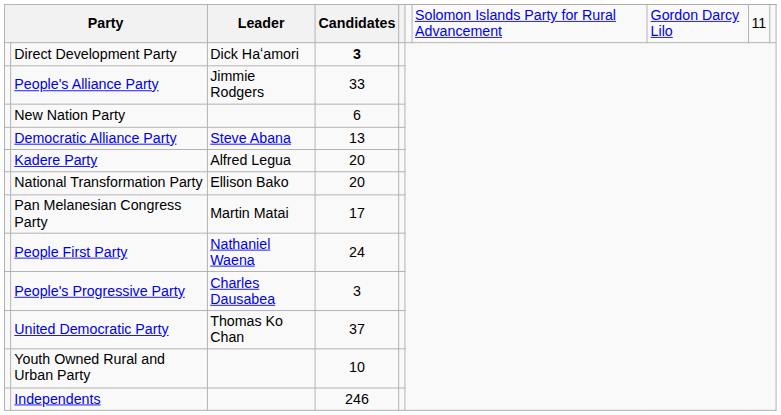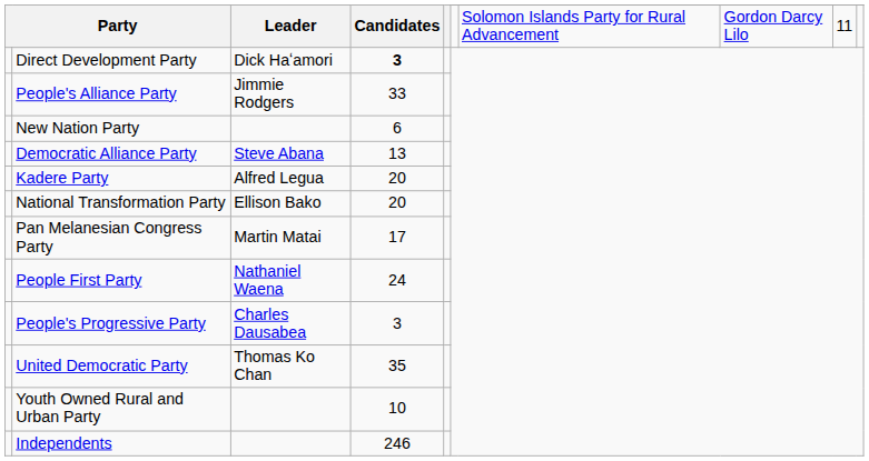 <table class="wikitable sortable" style=text-align:center>
 <tr>
 <th rowspan="2" colspan="2">Party</th>
 <th rowspan="2">Leader</th>
 <th rowspan="2">Candidates</th>
 <th rowspan="2" class="unsortable"></th>
 </tr>
 <tr>
 <td style="background:"></td>
 <td align=left><a href='#'>Solomon Islands Party for Rural Advancement</a></td>
 <td align=left><a href='#'>Gordon Darcy Lilo</a></td>
 <td>11</td>
 <td></td>
 </tr>
 <tr>
 <td style="background:"></td>
 <td align=left>Direct Development Party</td>
 <td align=left>Dick Haʻamori</td>
 <td><strong>3</strong></td>
 <td></td>
 </tr>
 <tr>
 <td style="background:"></td>
 <td align=left><a href='#'>People's Alliance Party</a></td>
 <td align=left>Jimmie Rodgers</td>
 <td>33</td>
 <td></td>
 </tr>
 <tr>
 <td style="background:"></td>
 <td align=left>New Nation Party</td>
 <td></td>
 <td>6</td>
 <td></td>
 </tr>
 <tr>
 <td style="background:"></td>
 <td align=left><a href='#'>Democratic Alliance Party</a></td>
 <td align=left><a href='#'>Steve Abana</a></td>
 <td>13</td>
 <td></td>
 </tr>
 <tr>
 <td style="background:"></td>
 <td align=left><a href='#'>Kadere Party</a></td>
 <td align=left>Alfred Legua</td>
 <td>20</td>
 <td></td>
 </tr>
 <tr>
 <td style="background:"></td>
 <td align=left>National Transformation Party</td>
 <td align=left>Ellison Bako</td>
 <td>20</td>
 <td></td>
 </tr>
 <tr>
 <td style="background:"></td>
 <td align=left>Pan Melanesian Congress Party</td>
 <td align=left>Martin Matai</td>
 <td>17</td>
 <td></td>
 </tr>
 <tr>
 <td style="background:"></td>
 <td align=left><a href='#'>People First Party</a></td>
 <td align=left><a href='#'>Nathaniel Waena</a></td>
 <td>24</td>
 <td></td>
 </tr>
 <tr>
 <td style="background:"></td>
 <td align=left><a href='#'>People's Progressive Party</a></td>
 <td align=left><a href='#'>Charles Dausabea</a></td>
 <td>3</td>
 <td></td>
 </tr>
 <tr>
 <td style="background:"></td>
 <td align=left><a href='#'>United Democratic Party</a></td>
 <td align=left>Thomas Ko Chan</td>
-<td>37</td>
+<td>35</td>
 <td></td>
 </tr>
 <tr>
 <td style="background:"></td>
 <td align=left>Youth Owned Rural and Urban Party</td>
 <td></td>
 <td>10</td>
 <td></td>
 </tr>
 <tr>
 <td style="background:"></td>
 <td align=left><a href='#'>Independents</a></td>
 <td></td>
 <td>246</td>
 <td></td>
 </tr>
 </table>
